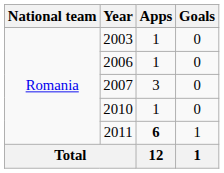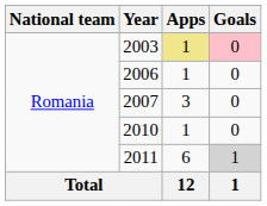 <table class="wikitable" style="text-align:center">
 <tr>
 <th>National team</th>
 <th>Year</th>
 <th>Apps</th>
 <th>Goals</th>
 </tr>
 <tr>
 <td rowspan="5"><a href='#'>Romania</a></td>
 <td>2003</td>
-<td>1</td>
-<td>0</td>
+<td style="background: khaki;">1</td>
+<td style="background: pink;">0</td>
 </tr>
 <tr>
 <td>2006</td>
 <td>1</td>
 <td>0</td>
 </tr>
 <tr>
 <td>2007</td>
 <td>3</td>
 <td>0</td>
 </tr>
 <tr>
 <td>2010</td>
 <td>1</td>
 <td>0</td>
 </tr>
 <tr>
 <td>2011</td>
-<td><strong>6</strong></td>
-<td>1</td>
+<td>6</td>
+<td style="background: lightgrey;">1</td>
 </tr>
 <tr>
 <th colspan="2">Total</th>
 <th>12</th>
 <th>1</th>
 </tr>
 </table>
